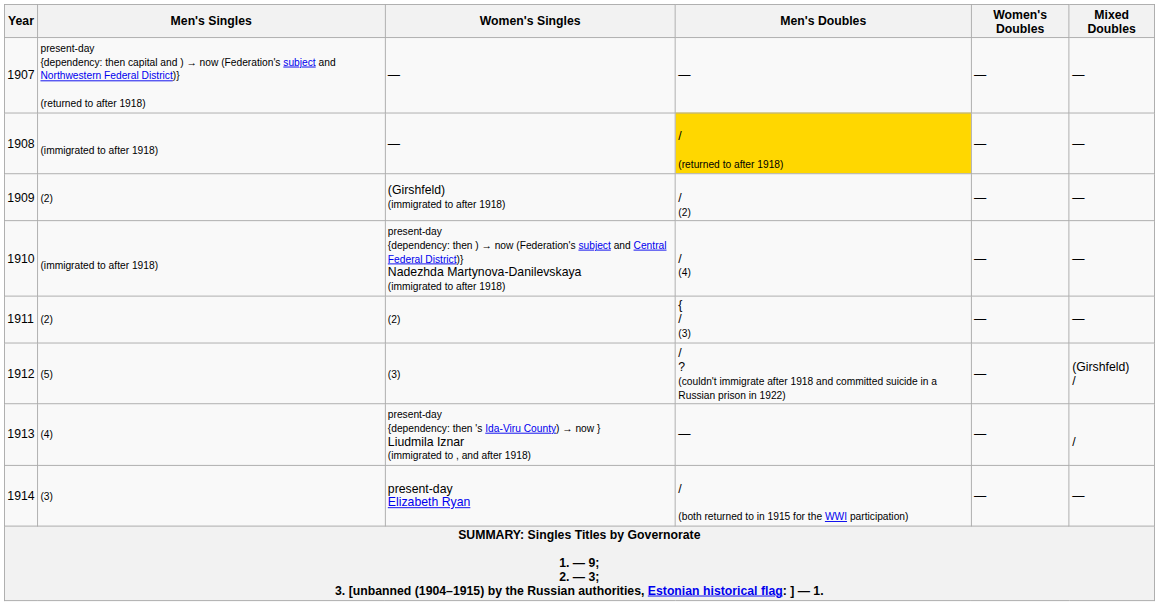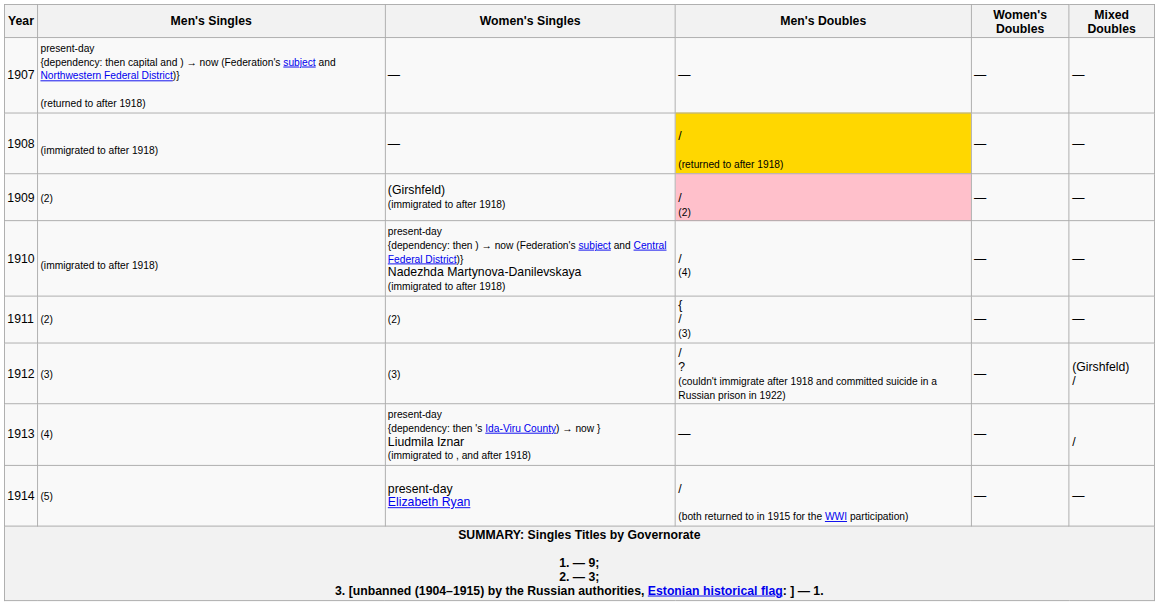 <table class="wikitable" style="font-size:smaller">
 <tr>
 <th>Year</th>
 <th>Men's Singles</th>
 <th>Women's Singles</th>
 <th>Men's Doubles</th>
 <th>Women's Doubles</th>
 <th>Mixed Doubles</th>
 </tr>
 <tr>
 <td>1907</td>
 <td><small>present-day</small>  <br> <small>{dependency: then   capital and ) → now  (Federation's <a href='#'>subject</a> and <a href='#'>Northwestern Federal District</a>)}</small> <br><br><small>(returned to  after 1918)</small></td>
 <td>—</td>
 <td>—</td>
 <td>—</td>
 <td>—</td>
 </tr>
 <tr>
 <td>1908</td>
 <td><br><small>(immigrated to  after 1918)</small></td>
 <td>—</td>
 <td style="background: gold;"> <br>/ <br><br><small>(returned to  after 1918)</small></td>
 <td>—</td>
 <td>—</td>
 </tr>
 <tr>
 <td>1909</td>
 <td> <small>(2)</small></td>
 <td> (Girshfeld)<br><small>(immigrated to  after 1918)</small></td>
-<td><br>/ <br> <small>(2)</small></td>
+<td style="background: pink;"><br>/ <br> <small>(2)</small></td>
 <td>—</td>
 <td>—</td>
 </tr>
 <tr>
 <td>1910</td>
 <td><br><small>(immigrated to  after 1918)</small></td>
 <td><small>present-day</small> <br><small>{dependency: then  ) → now  (Federation's <a href='#'>subject</a> and <a href='#'>Central Federal District</a>)}</small> <br>Nadezhda Martynova-Danilevskaya<br><small>(immigrated to  after 1918)</small></td>
 <td> <br>/ <br> <small>(4)</small></td>
 <td>—</td>
 <td>—</td>
 </tr>
 <tr>
 <td>1911</td>
 <td> <small>(2)</small></td>
 <td> <small>(2)</small></td>
 <td>{ <br>/ <br> <small>(3)</small></td>
 <td>—</td>
 <td>—</td>
 </tr>
 <tr>
 <td>1912</td>
-<td> <small>(5)</small></td>
+<td> <small>(3)</small></td>
 <td> <small>(3)</small></td>
 <td> / <br>? <br><small>(couldn't immigrate after 1918 and committed suicide in a Russian prison in 1922)</small></td>
 <td>—</td>
 <td> (Girshfeld)<br> / <br></td>
 </tr>
 <tr>
 <td>1913</td>
 <td> <small>(4)</small></td>
 <td><small>present-day</small>  <br><small>{dependency: then  's <a href='#'>Ida-Viru County</a>) → now }</small> <br>Liudmila Iznar<br><small>(immigrated to ,  and  after 1918)</small></td>
 <td>—</td>
 <td>—</td>
 <td><br> / <br></td>
 </tr>
 <tr>
 <td>1914</td>
-<td> <small>(3)</small></td>
+<td> <small>(5)</small></td>
 <td>present-day <br><a href='#'>Elizabeth Ryan</a></td>
 <td><br>/ <br><br><small>(both returned to  in 1915 for the <a href='#'>WWI</a> participation)</small></td>
 <td>—</td>
 <td>—</td>
 </tr>
 <tr>
 <th colspan="6">SUMMARY: Singles Titles by Governorate<br><br>1.  — 9;<br> 2.  — 3;<br> 3.  [unbanned (1904–1915) by the Russian authorities, <a href='#'>Estonian historical flag</a>: ] — 1.</th>
 </tr>
 </table>
